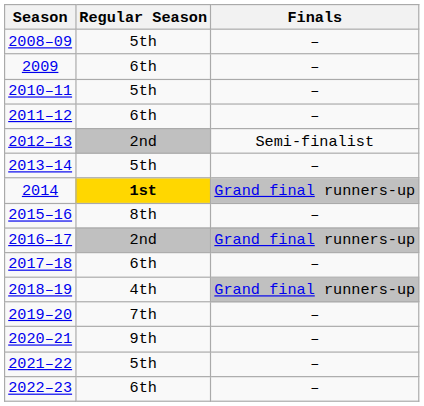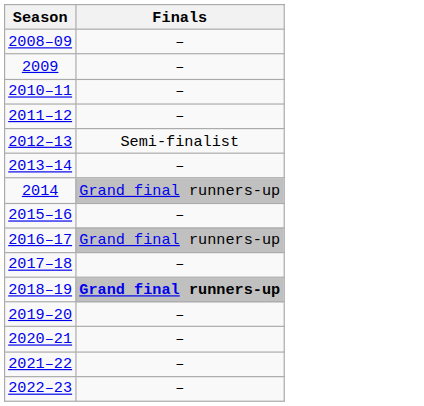 <table class="wikitable sortable" style="text-align: center">
 <tr>
 <th>Season</th>
-<th>Regular Season</th>
 <th>Finals</th>
 </tr>
 <tr>
 <td><a href='#'>2008–09</a></td>
-<td>5th</td>
 <td>–</td>
 </tr>
 <tr>
 <td><a href='#'>2009</a></td>
-<td>6th</td>
 <td>–</td>
 </tr>
 <tr>
 <td><a href='#'>2010–11</a></td>
-<td>5th</td>
 <td>–</td>
 </tr>
 <tr>
 <td><a href='#'>2011–12</a></td>
-<td>6th</td>
 <td>–</td>
 </tr>
 <tr>
 <td><a href='#'>2012–13</a></td>
-<td style="background:silver">2nd</td>
 <td>Semi-finalist</td>
 </tr>
 <tr>
 <td><a href='#'>2013–14</a></td>
-<td>5th</td>
 <td>–</td>
 </tr>
 <tr>
 <td><a href='#'>2014</a></td>
-<td bgcolor=gold><strong>1st</strong></td>
 <td style=background:silver><a href='#'>Grand final</a> runners-up</td>
 </tr>
 <tr>
 <td><a href='#'>2015–16</a></td>
-<td>8th</td>
 <td>–</td>
 </tr>
 <tr>
 <td><a href='#'>2016–17</a></td>
-<td style="background:silver">2nd</td>
 <td bgcolor=silver><a href='#'>Grand final</a> runners-up</td>
 </tr>
 <tr>
 <td><a href='#'>2017–18</a></td>
-<td>6th</td>
 <td>–</td>
 </tr>
 <tr>
 <td><a href='#'>2018–19</a></td>
-<td>4th</td>
-<td style=background:silver><a href='#'>Grand final</a> runners-up</td>
+<td style=background:silver><strong><a href='#'>Grand final</a> runners-up</strong></td>
 </tr>
 <tr>
 <td><a href='#'>2019–20</a></td>
-<td>7th</td>
 <td>–</td>
 </tr>
 <tr>
 <td><a href='#'>2020–21</a></td>
-<td>9th</td>
 <td>–</td>
 </tr>
 <tr>
 <td><a href='#'>2021–22</a></td>
-<td>5th</td>
 <td>–</td>
 </tr>
 <tr>
 <td><a href='#'>2022–23</a></td>
-<td>6th</td>
 <td>–</td>
 </tr>
 </table>
